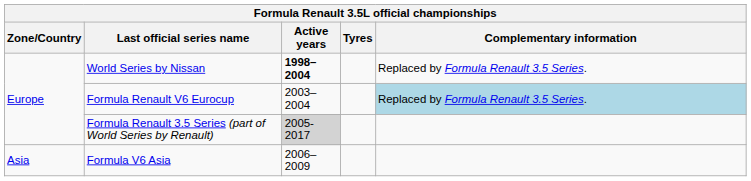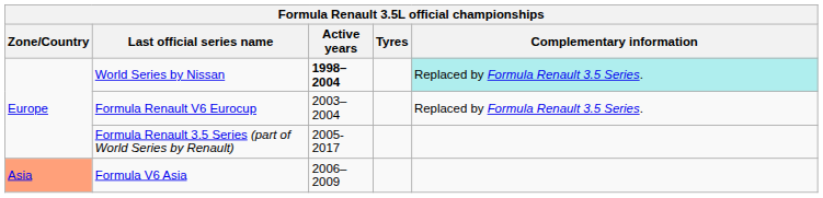 <table class="wikitable collapsible" style="font-size:85%; width:100%">
 <tr>
 <th colspan=6>Formula Renault 3.5L official championships</th>
 </tr>
 <tr>
 <th>Zone/Country</th>
 <th>Last official series name</th>
 <th>Active years</th>
 <th>Tyres</th>
 <th width="50%">Complementary information</th>
 </tr>
 <tr>
 <td rowspan=3> <a href='#'>Europe</a></td>
 <td><a href='#'>World Series by Nissan</a></td>
 <td><strong>1998–2004</strong></td>
 <td></td>
-<td>Replaced by <em><a href='#'>Formula Renault 3.5 Series</a></em>.</td>
+<td style="background: paleturquoise;">Replaced by <em><a href='#'>Formula Renault 3.5 Series</a></em>.</td>
 </tr>
 <tr>
 <td><a href='#'>Formula Renault V6 Eurocup</a></td>
 <td>2003–2004</td>
 <td></td>
-<td style="background: lightblue;">Replaced by <em><a href='#'>Formula Renault 3.5 Series</a></em>.</td>
+<td>Replaced by <em><a href='#'>Formula Renault 3.5 Series</a></em>.</td>
 </tr>
 <tr>
 <td><a href='#'>Formula Renault 3.5 Series</a> <em>(part of World Series by Renault)</em></td>
-<td style="background: lightgrey;">2005-2017</td>
+<td>2005-2017</td>
 <td></td>
 <td></td>
 </tr>
 <tr>
-<td> <a href='#'>Asia</a></td>
+<td style="background: lightsalmon;"> <a href='#'>Asia</a></td>
 <td><a href='#'>Formula V6 Asia</a></td>
 <td>2006–2009</td>
 <td></td>
 <td></td>
 </tr>
 </table>
